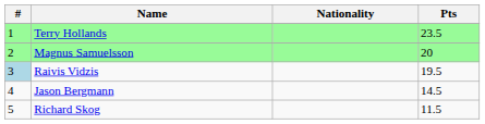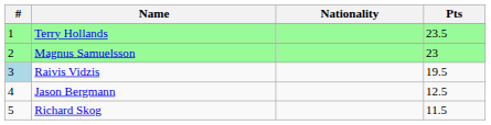 <table class="wikitable" style="display: inline-table; width: 50%;">
 <tr>
 <th>#</th>
 <th>Name</th>
 <th>Nationality</th>
 <th>Pts</th>
 </tr>
 <tr>
 </tr>
 <tr style="background:palegreen">
 <td>1</td>
 <td><a href='#'>Terry Hollands</a></td>
 <td></td>
 <td>23.5</td>
 </tr>
 <tr>
 </tr>
 <tr style="background:palegreen">
 <td>2</td>
 <td><a href='#'>Magnus Samuelsson</a></td>
 <td></td>
-<td>20</td>
+<td>23</td>
 </tr>
 <tr>
 <td style="background: lightblue;">3</td>
 <td><a href='#'>Raivis Vidzis</a></td>
 <td></td>
 <td>19.5</td>
 </tr>
 <tr>
 <td>4</td>
 <td><a href='#'>Jason Bergmann</a></td>
 <td></td>
-<td>14.5</td>
+<td>12.5</td>
 </tr>
 <tr>
 <td>5</td>
 <td><a href='#'>Richard Skog</a></td>
 <td></td>
 <td>11.5</td>
 </tr>
 </table>
